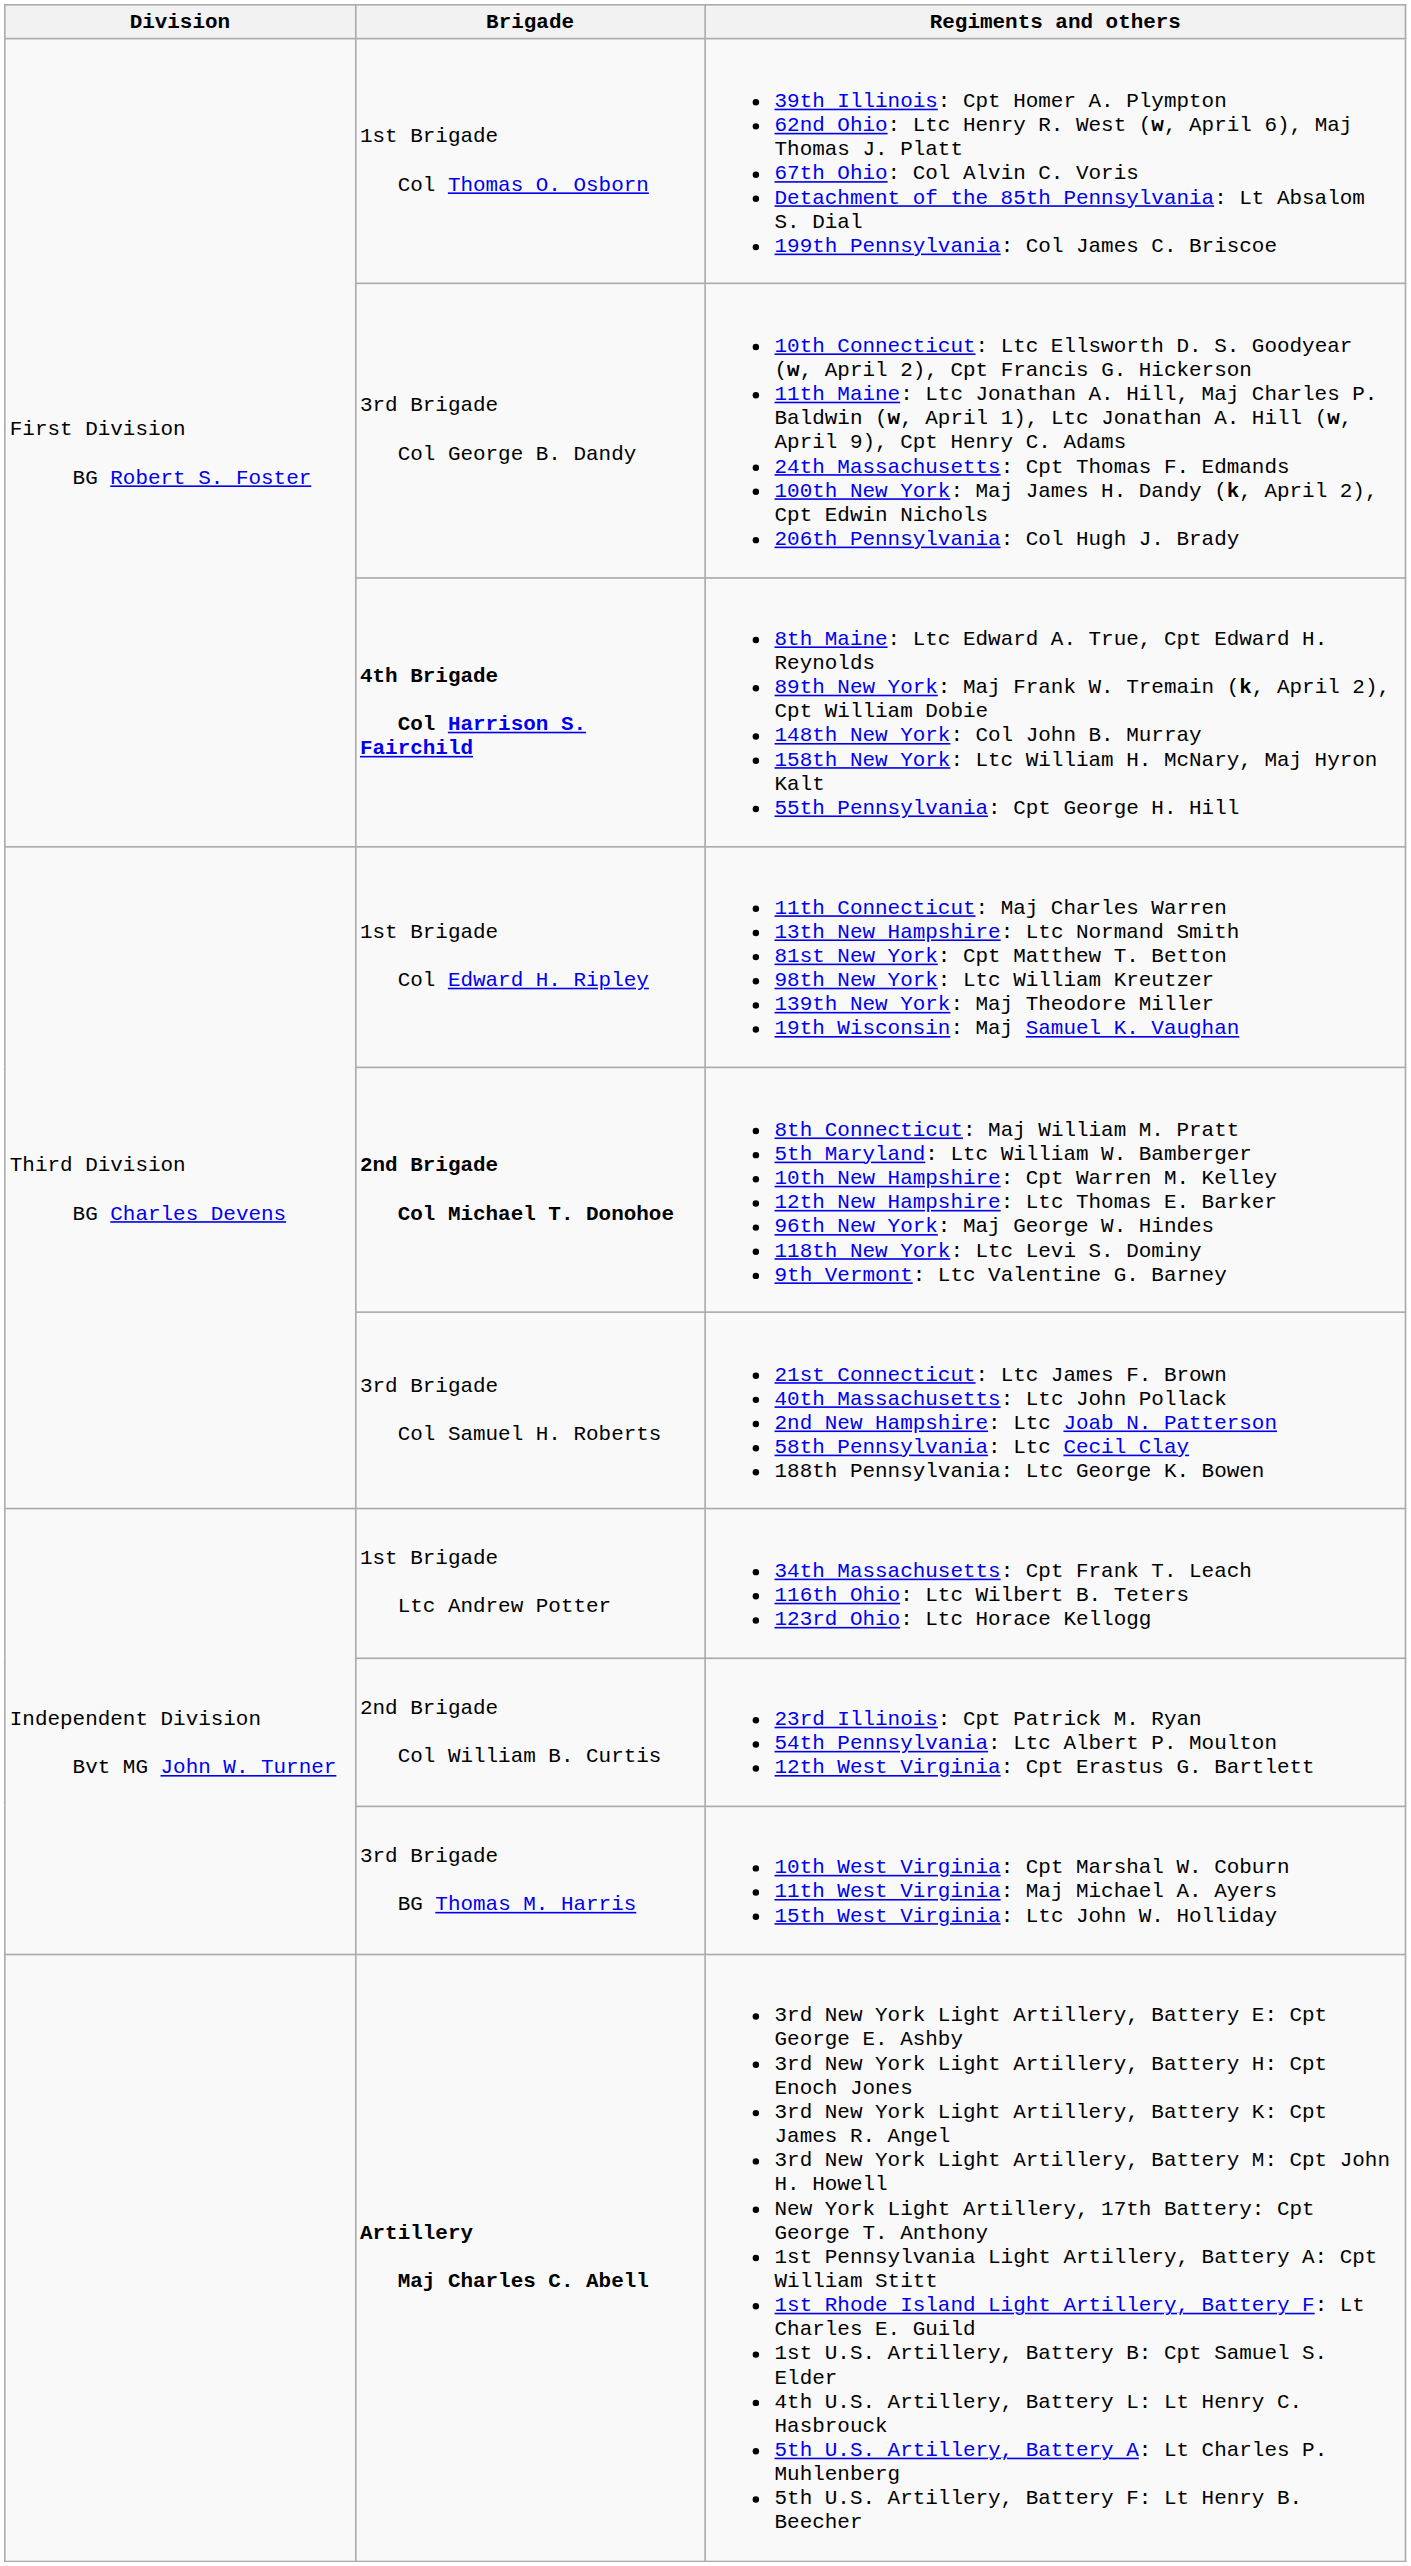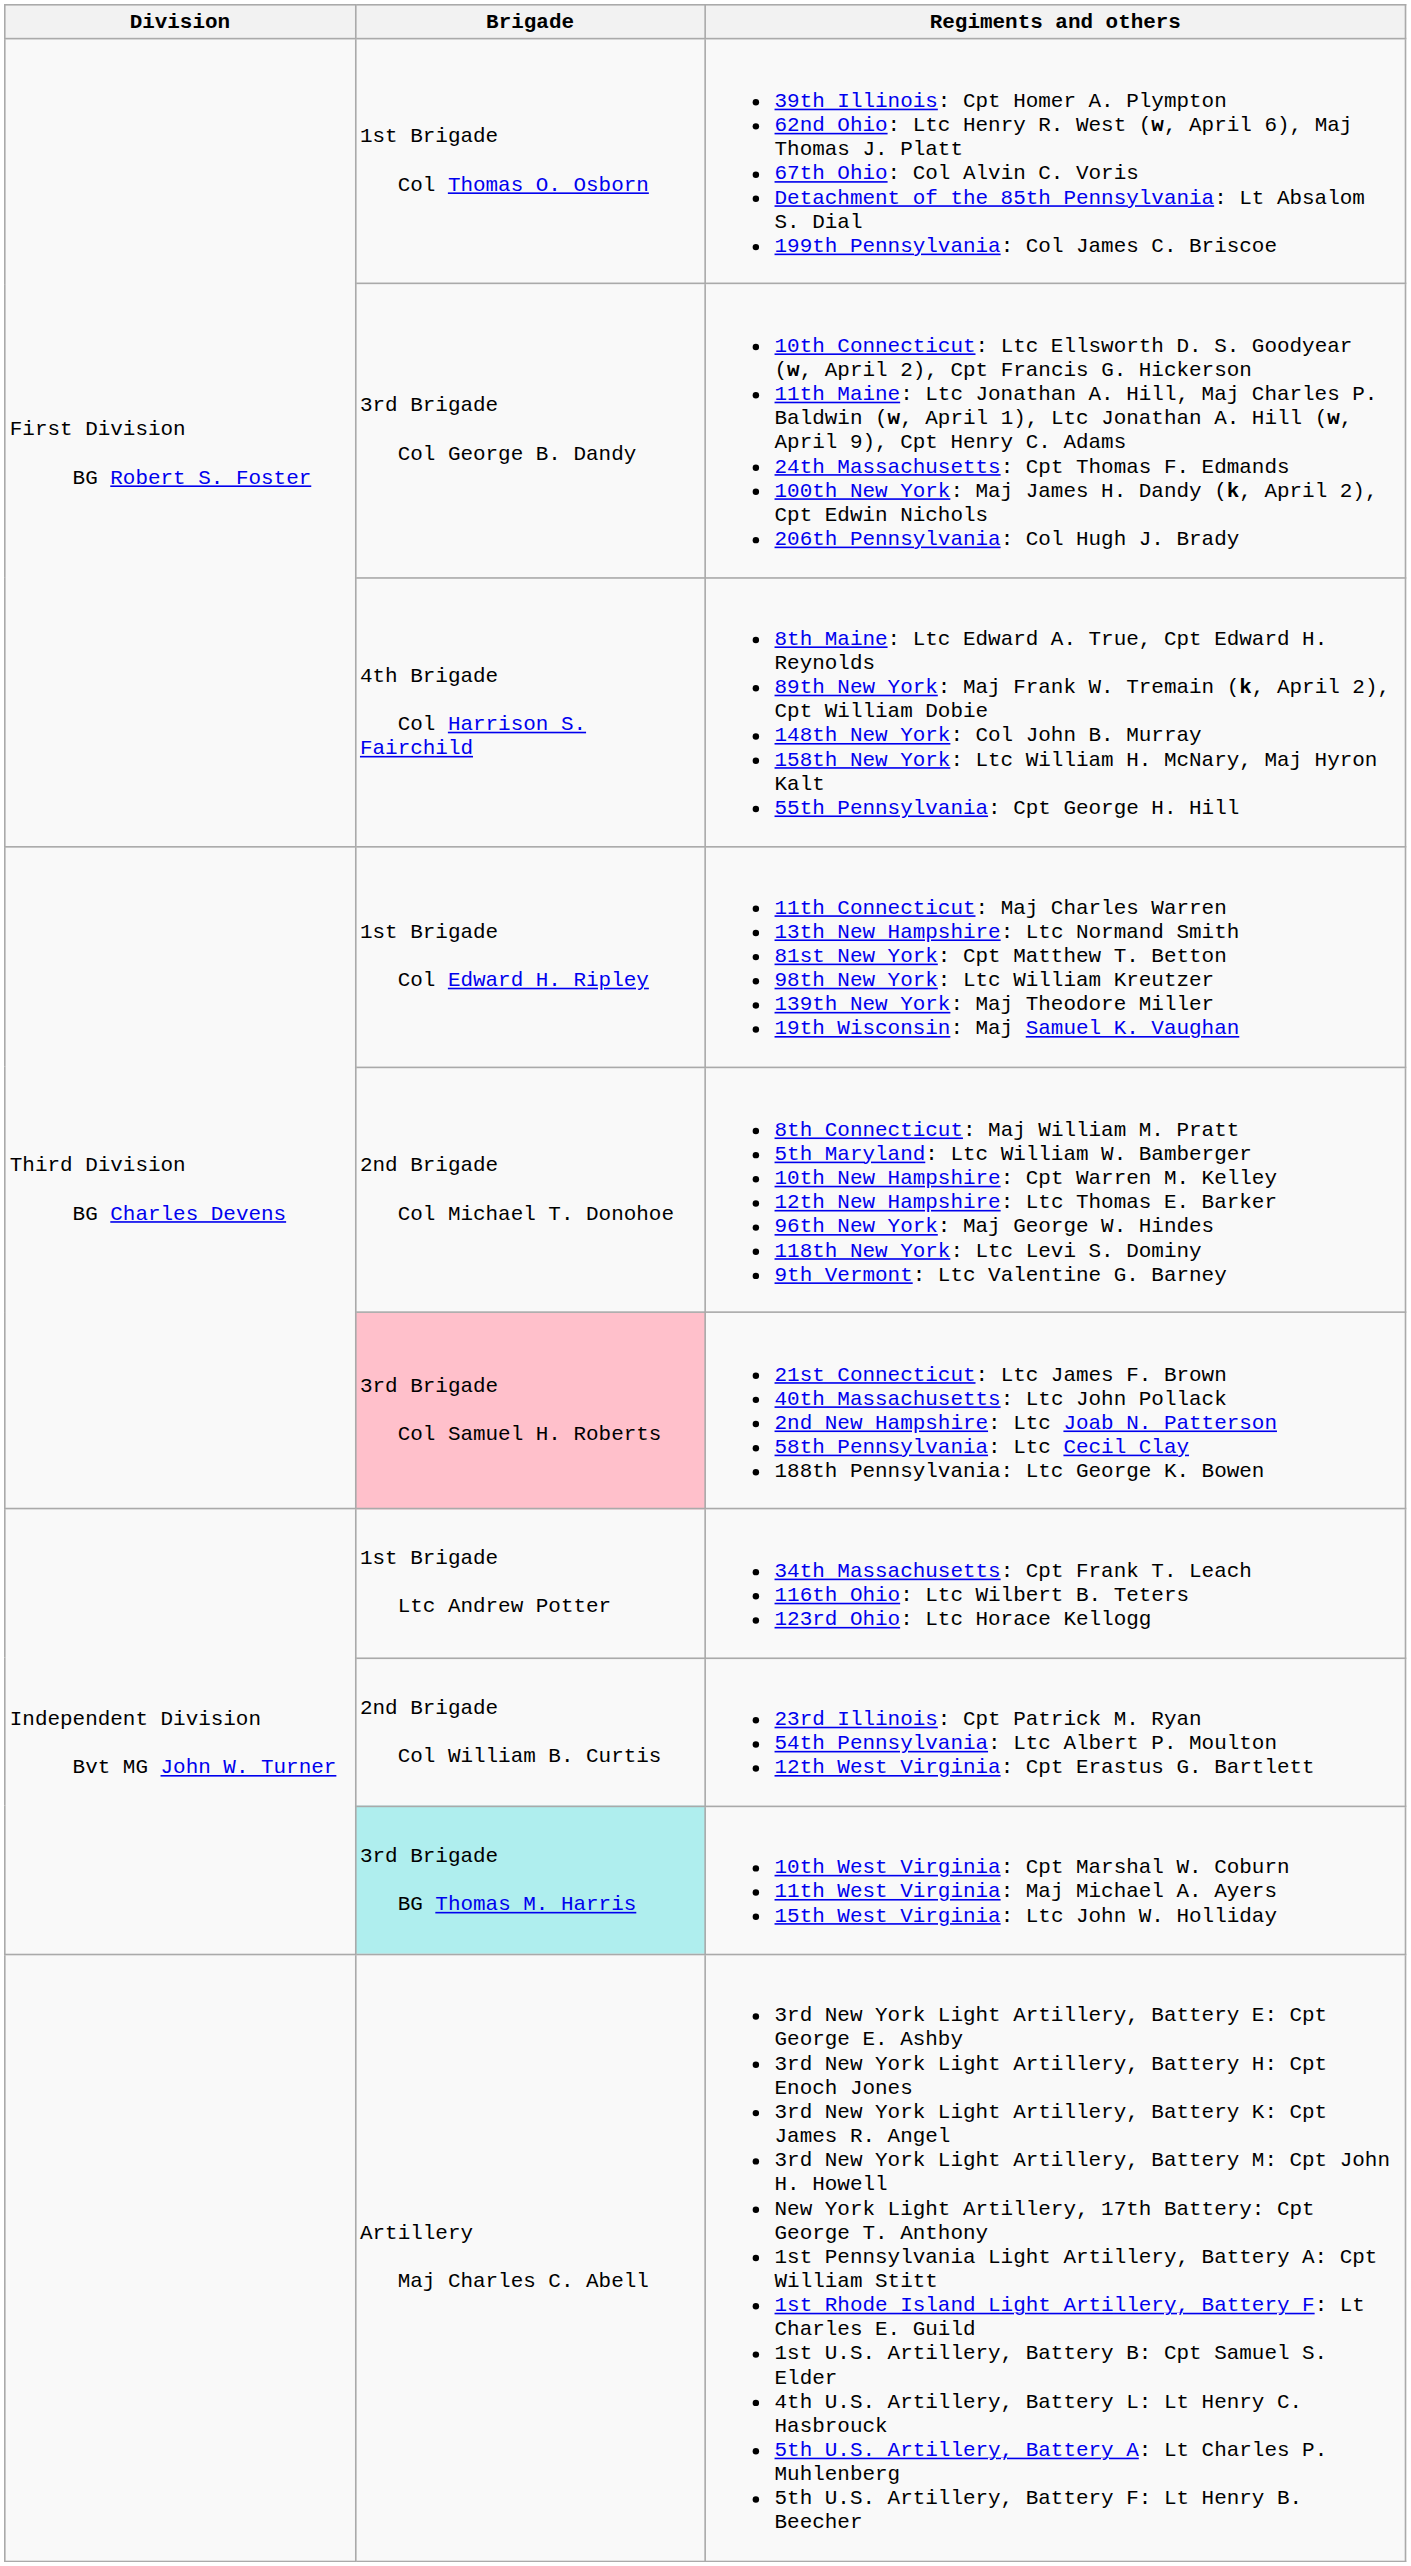 <table class="wikitable">
 <tr>
 <th style="width:25%;">Division</th>
 <th style="width:25%;">Brigade</th>
 <th>Regiments and others</th>
 </tr>
 <tr>
 <td rowspan=3><br>First Division<br><br>     BG <a href='#'>Robert S. Foster</a> </td>
 <td>1st Brigade<br><br>   Col <a href='#'>Thomas O. Osborn</a></td>
 <td><br><ul><li><a href='#'>39th Illinois</a>: Cpt Homer A. Plympton</li><li><a href='#'>62nd Ohio</a>: Ltc Henry R. West (<strong>w</strong>, April 6), Maj Thomas J. Platt</li><li><a href='#'>67th Ohio</a>: Col Alvin C. Voris</li><li><a href='#'>Detachment of the 85th Pennsylvania</a>: Lt Absalom S. Dial</li><li><a href='#'>199th Pennsylvania</a>: Col James C. Briscoe</li></ul></td>
 </tr>
 <tr>
 <td>3rd Brigade<br><br>   Col George B. Dandy</td>
 <td><br><ul><li><a href='#'>10th Connecticut</a>: Ltc Ellsworth D. S. Goodyear (<strong>w</strong>, April 2), Cpt Francis G. Hickerson</li><li><a href='#'>11th Maine</a>: Ltc Jonathan A. Hill, Maj Charles P. Baldwin (<strong>w</strong>, April 1), Ltc Jonathan A. Hill (<strong>w</strong>, April 9), Cpt Henry C. Adams</li><li><a href='#'>24th Massachusetts</a>: Cpt Thomas F. Edmands</li><li><a href='#'>100th New York</a>: Maj James H. Dandy (<strong>k</strong>, April 2), Cpt Edwin Nichols</li><li><a href='#'>206th Pennsylvania</a>: Col Hugh J. Brady</li></ul></td>
 </tr>
 <tr>
-<td><strong>4th Brigade<br><br>   Col <a href='#'>Harrison S. Fairchild</a></strong></td>
+<td>4th Brigade<br><br>   Col <a href='#'>Harrison S. Fairchild</a></td>
 <td><br><ul><li><a href='#'>8th Maine</a>: Ltc Edward A. True, Cpt Edward H. Reynolds</li><li><a href='#'>89th New York</a>: Maj Frank W. Tremain (<strong>k</strong>, April 2), Cpt William Dobie</li><li><a href='#'>148th New York</a>: Col John B. Murray</li><li><a href='#'>158th New York</a>: Ltc William H. McNary, Maj Hyron Kalt</li><li><a href='#'>55th Pennsylvania</a>: Cpt George H. Hill</li></ul></td>
 </tr>
 <tr>
 <td rowspan=3><br>Third Division<br><br>     BG <a href='#'>Charles Devens</a> </td>
 <td>1st Brigade<br><br>   Col <a href='#'>Edward H. Ripley</a></td>
 <td><br><ul><li><a href='#'>11th Connecticut</a>: Maj Charles Warren</li><li><a href='#'>13th New Hampshire</a>: Ltc Normand Smith</li><li><a href='#'>81st New York</a>: Cpt Matthew T. Betton</li><li><a href='#'>98th New York</a>: Ltc William Kreutzer</li><li><a href='#'>139th New York</a>: Maj Theodore Miller</li><li><a href='#'>19th Wisconsin</a>: Maj <a href='#'>Samuel K. Vaughan</a></li></ul></td>
 </tr>
 <tr>
-<td><strong>2nd Brigade<br><br>   Col Michael T. Donohoe</strong></td>
+<td>2nd Brigade<br><br>   Col Michael T. Donohoe</td>
 <td><br><ul><li><a href='#'>8th Connecticut</a>: Maj William M. Pratt</li><li><a href='#'>5th Maryland</a>: Ltc William W. Bamberger</li><li><a href='#'>10th New Hampshire</a>: Cpt Warren M. Kelley</li><li><a href='#'>12th New Hampshire</a>: Ltc Thomas E. Barker</li><li><a href='#'>96th New York</a>: Maj George W. Hindes</li><li><a href='#'>118th New York</a>: Ltc Levi S. Dominy</li><li><a href='#'>9th Vermont</a>: Ltc Valentine G. Barney</li></ul></td>
 </tr>
 <tr>
-<td>3rd Brigade<br><br>   Col Samuel H. Roberts</td>
+<td style="background: pink;">3rd Brigade<br><br>   Col Samuel H. Roberts</td>
 <td><br><ul><li><a href='#'>21st Connecticut</a>: Ltc James F. Brown</li><li><a href='#'>40th Massachusetts</a>: Ltc John Pollack</li><li><a href='#'>2nd New Hampshire</a>: Ltc <a href='#'>Joab N. Patterson</a></li><li><a href='#'>58th Pennsylvania</a>: Ltc <a href='#'>Cecil Clay</a></li><li>188th Pennsylvania: Ltc George K. Bowen</li></ul></td>
 </tr>
 <tr>
 <td rowspan=3><br>Independent Division<br><br>     Bvt MG <a href='#'>John W. Turner</a></td>
 <td>1st Brigade<br><br>   Ltc Andrew Potter</td>
 <td><br><ul><li><a href='#'>34th Massachusetts</a>: Cpt Frank T. Leach</li><li><a href='#'>116th Ohio</a>: Ltc Wilbert B. Teters</li><li><a href='#'>123rd Ohio</a>: Ltc Horace Kellogg</li></ul></td>
 </tr>
 <tr>
 <td>2nd Brigade<br><br>   Col William B. Curtis</td>
 <td><br><ul><li><a href='#'>23rd Illinois</a>: Cpt Patrick M. Ryan</li><li><a href='#'>54th Pennsylvania</a>: Ltc Albert P. Moulton</li><li><a href='#'>12th West Virginia</a>: Cpt Erastus G. Bartlett</li></ul></td>
 </tr>
 <tr>
-<td>3rd Brigade<br><br>   BG <a href='#'>Thomas M. Harris</a></td>
+<td style="background: paleturquoise;">3rd Brigade<br><br>   BG <a href='#'>Thomas M. Harris</a></td>
 <td><br><ul><li><a href='#'>10th West Virginia</a>: Cpt Marshal W. Coburn</li><li><a href='#'>11th West Virginia</a>: Maj Michael A. Ayers</li><li><a href='#'>15th West Virginia</a>: Ltc John W. Holliday</li></ul></td>
 </tr>
 <tr>
 <td></td>
-<td><strong>Artillery<br><br>   Maj Charles C. Abell</strong></td>
+<td>Artillery<br><br>   Maj Charles C. Abell</td>
 <td><br><ul><li>3rd New York Light Artillery, Battery E: Cpt George E. Ashby</li><li>3rd New York Light Artillery, Battery H: Cpt Enoch Jones</li><li>3rd New York Light Artillery, Battery K: Cpt James R. Angel</li><li>3rd New York Light Artillery, Battery M: Cpt John H. Howell</li><li>New York Light Artillery, 17th Battery: Cpt George T. Anthony</li><li>1st Pennsylvania Light Artillery, Battery A: Cpt William Stitt</li><li><a href='#'>1st Rhode Island Light Artillery, Battery F</a>: Lt Charles E. Guild</li><li>1st U.S. Artillery, Battery B: Cpt Samuel S. Elder</li><li>4th U.S. Artillery, Battery L: Lt Henry C. Hasbrouck</li><li><a href='#'>5th U.S. Artillery, Battery A</a>: Lt Charles P. Muhlenberg</li><li>5th U.S. Artillery, Battery F: Lt Henry B. Beecher</li></ul></td>
 </tr>
 </table>
